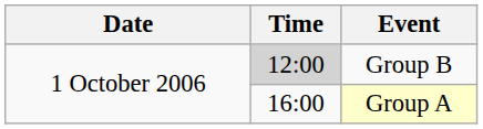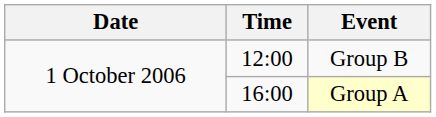 <table class = "wikitable" style="text-align:center;">
 <tr>
 <th width=150>Date</th>
 <th width=50>Time</th>
 <th width=80>Event</th>
 </tr>
 <tr>
 <td rowspan=2>1 October 2006</td>
-<td style="background: lightgrey;">12:00</td>
+<td>12:00</td>
 <td>Group B</td>
 </tr>
 <tr>
 <td>16:00</td>
 <td bgcolor=ffffcc>Group A</td>
 </tr>
 </table>
